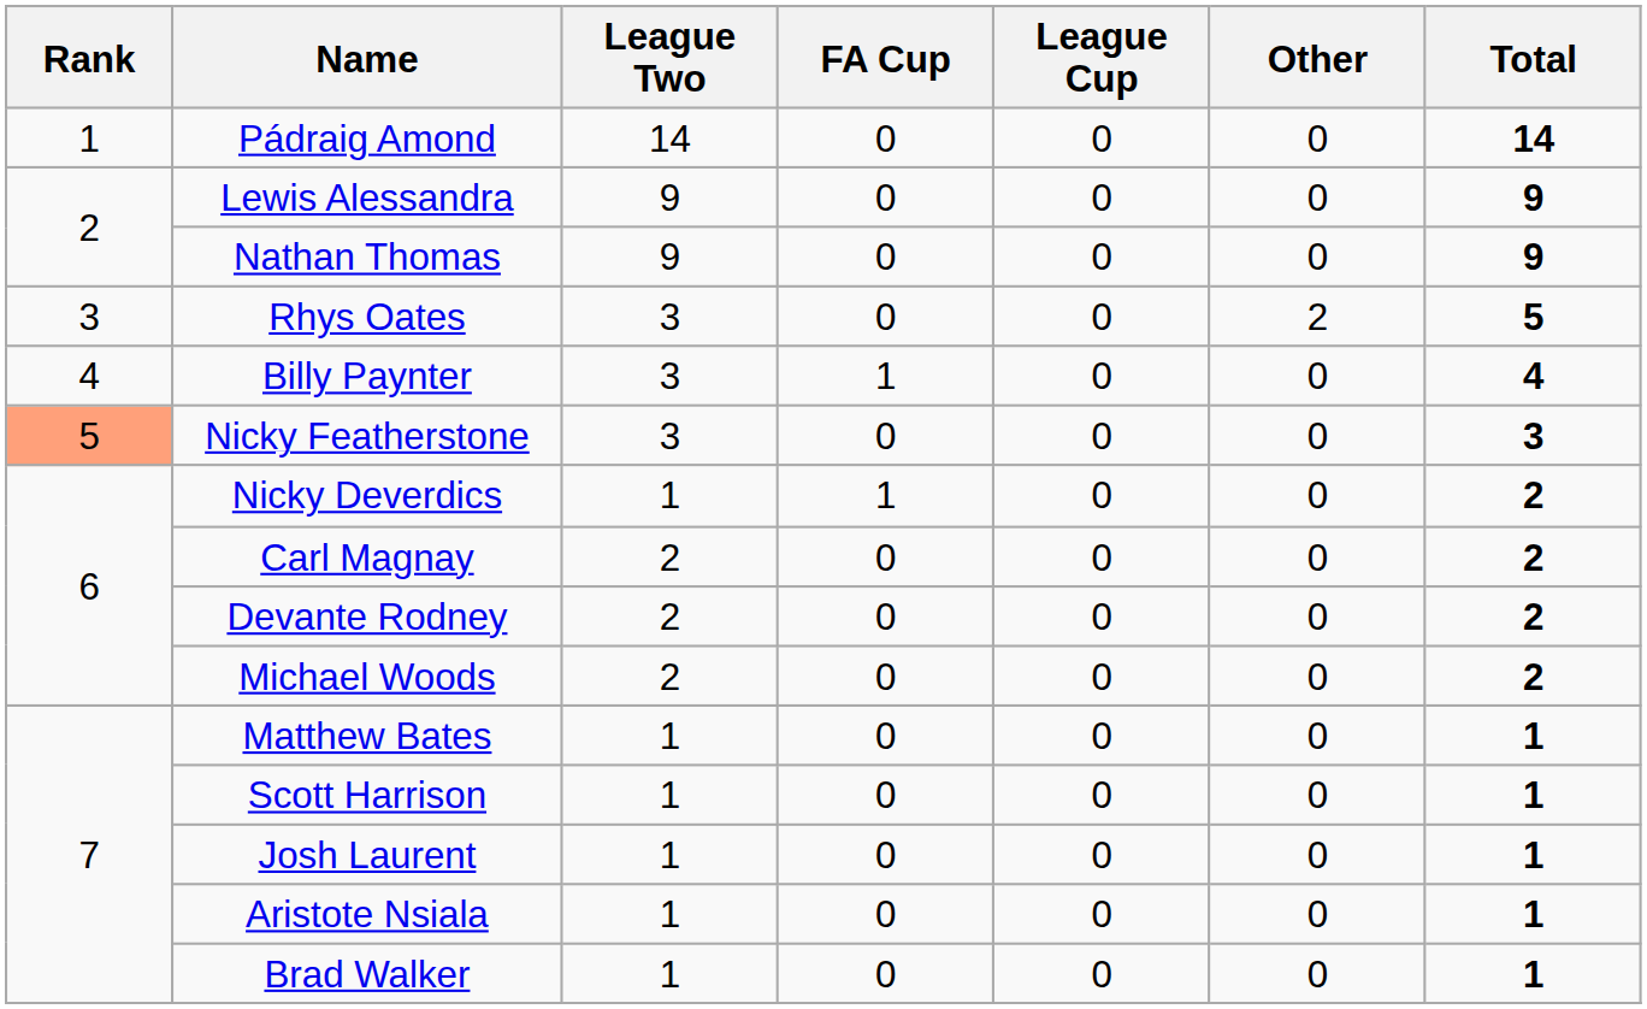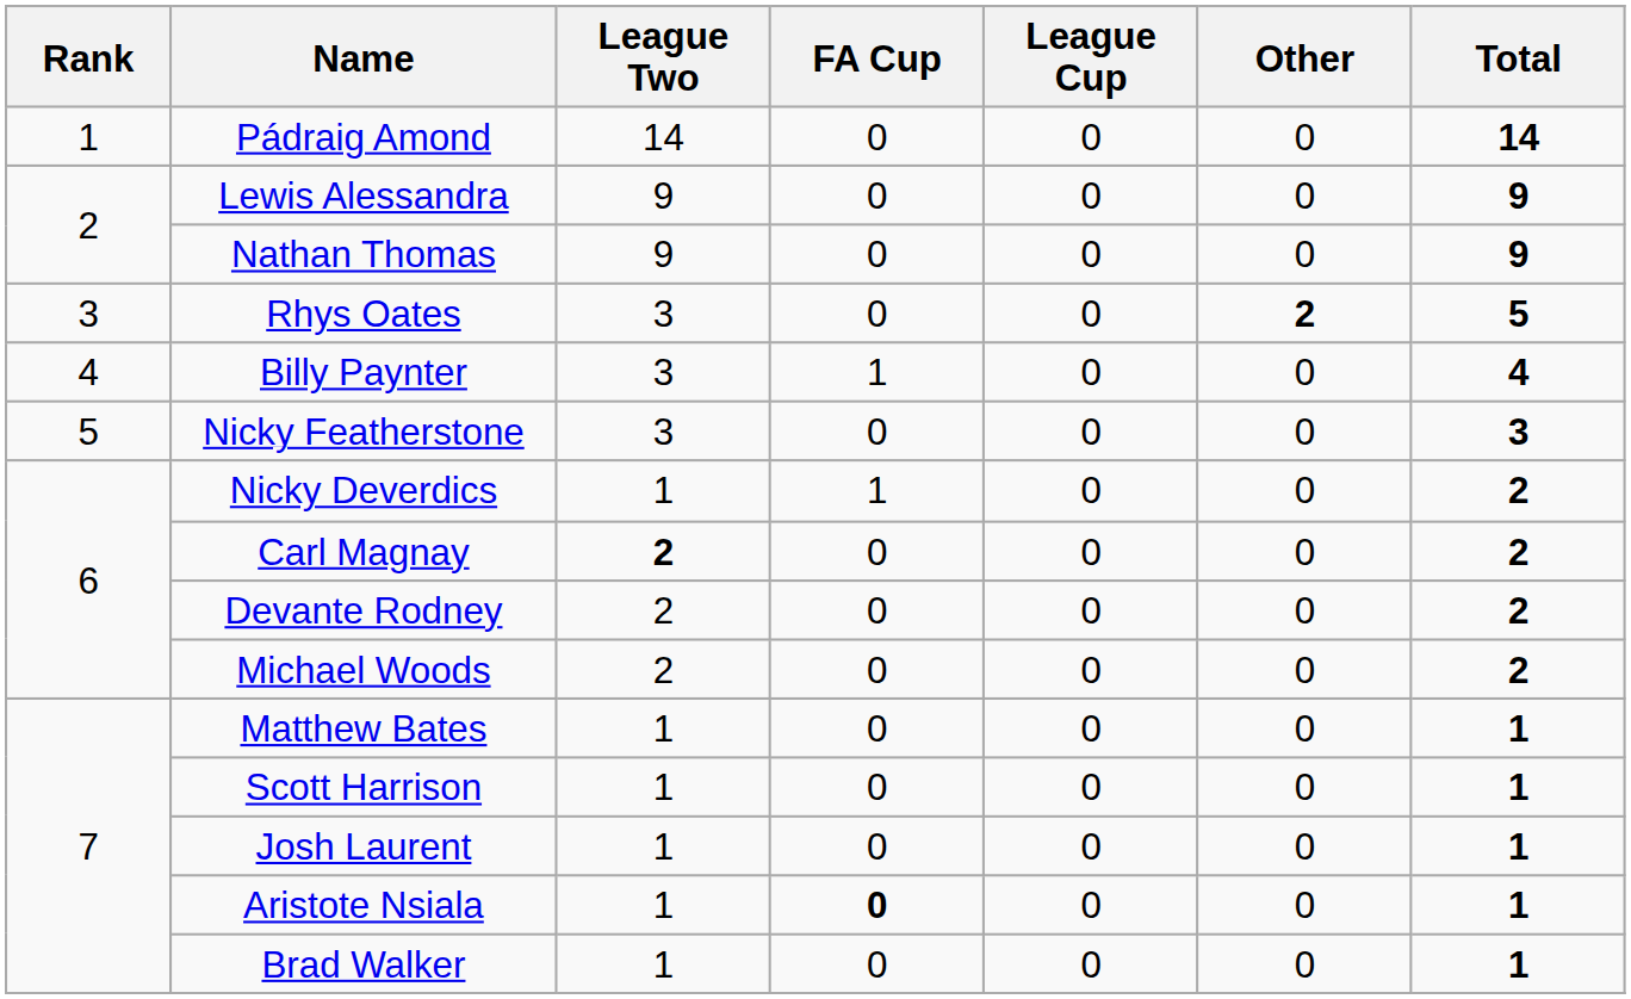 <table class="wikitable" style="font-size: 95%; text-align: center;">
 <tr>
 <th width=60>Rank</th>
 <th width=150>Name</th>
 <th width=80>League Two</th>
 <th width=80>FA Cup</th>
 <th width=80>League Cup</th>
 <th width=80>Other</th>
 <th width=80>Total</th>
 </tr>
 <tr>
 <td>1</td>
 <td><a href='#'>Pádraig Amond</a></td>
 <td>14</td>
 <td>0</td>
 <td>0</td>
 <td>0</td>
 <td><strong>14</strong></td>
 </tr>
 <tr>
 <td rowspan="2">2</td>
 <td><a href='#'>Lewis Alessandra</a></td>
 <td>9</td>
 <td>0</td>
 <td>0</td>
 <td>0</td>
 <td><strong>9</strong></td>
 </tr>
 <tr>
 <td><a href='#'>Nathan Thomas</a></td>
 <td>9</td>
 <td>0</td>
 <td>0</td>
 <td>0</td>
 <td><strong>9</strong></td>
 </tr>
 <tr>
 <td>3</td>
 <td><a href='#'>Rhys Oates</a></td>
 <td>3</td>
 <td>0</td>
 <td>0</td>
-<td>2</td>
+<td><strong>2</strong></td>
 <td><strong>5</strong></td>
 </tr>
 <tr>
 <td>4</td>
 <td><a href='#'>Billy Paynter</a></td>
 <td>3</td>
 <td>1</td>
 <td>0</td>
 <td>0</td>
 <td><strong>4</strong></td>
 </tr>
 <tr>
-<td style="background: lightsalmon;">5</td>
+<td>5</td>
 <td><a href='#'>Nicky Featherstone</a></td>
 <td>3</td>
 <td>0</td>
 <td>0</td>
 <td>0</td>
 <td><strong>3</strong></td>
 </tr>
 <tr>
 <td rowspan="4">6</td>
 <td><a href='#'>Nicky Deverdics</a></td>
 <td>1</td>
 <td>1</td>
 <td>0</td>
 <td>0</td>
 <td><strong>2</strong></td>
 </tr>
 <tr>
 <td><a href='#'>Carl Magnay</a></td>
-<td>2</td>
+<td><strong>2</strong></td>
 <td>0</td>
 <td>0</td>
 <td>0</td>
 <td><strong>2</strong></td>
 </tr>
 <tr>
 <td><a href='#'>Devante Rodney</a></td>
 <td>2</td>
 <td>0</td>
 <td>0</td>
 <td>0</td>
 <td><strong>2</strong></td>
 </tr>
 <tr>
 <td><a href='#'>Michael Woods</a></td>
 <td>2</td>
 <td>0</td>
 <td>0</td>
 <td>0</td>
 <td><strong>2</strong></td>
 </tr>
 <tr>
 <td rowspan="5">7</td>
 <td><a href='#'>Matthew Bates</a></td>
 <td>1</td>
 <td>0</td>
 <td>0</td>
 <td>0</td>
 <td><strong>1</strong></td>
 </tr>
 <tr>
 <td><a href='#'>Scott Harrison</a></td>
 <td>1</td>
 <td>0</td>
 <td>0</td>
 <td>0</td>
 <td><strong>1</strong></td>
 </tr>
 <tr>
 <td><a href='#'>Josh Laurent</a></td>
 <td>1</td>
 <td>0</td>
 <td>0</td>
 <td>0</td>
 <td><strong>1</strong></td>
 </tr>
 <tr>
 <td><a href='#'>Aristote Nsiala</a></td>
 <td>1</td>
-<td>0</td>
+<td><strong>0</strong></td>
 <td>0</td>
 <td>0</td>
 <td><strong>1</strong></td>
 </tr>
 <tr>
 <td><a href='#'>Brad Walker</a></td>
 <td>1</td>
 <td>0</td>
 <td>0</td>
 <td>0</td>
 <td><strong>1</strong></td>
 </tr>
 <tr>
 </tr>
 </table>
